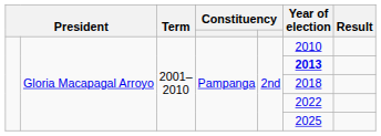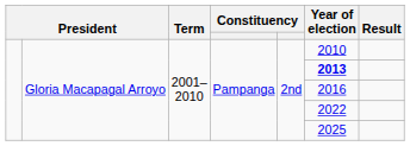 <table class="wikitable" style="margin-left: auto; margin-right: auto; text-align:center;" width=80%>
 <tr valign=bottom>
 <th colspan=2 rowspan=2>President</th>
 <th rowspan=2>Term</th>
 <th colspan=2>Constituency</th>
 <th rowspan=2>Year of election</th>
 <th rowspan=2>Result</th>
 </tr>
 <tr>
 <th></th>
 <th></th>
 </tr>
 <tr align="center">
 <td width=100px rowspan=5></td>
 <td nowrap rowspan=5><a href='#'>Gloria Macapagal Arroyo</a></td>
 <td rowspan=5>2001–2010</td>
 <td rowspan=5><a href='#'>Pampanga</a></td>
 <td rowspan=5><a href='#'>2nd</a></td>
 <td><a href='#'>2010</a></td>
 <td></td>
 </tr>
 <tr align="center">
 <td><strong><a href='#'>2013</a></strong></td>
 <td></td>
 </tr>
 <tr align="center">
-<td><a href='#'>2018</a></td>
+<td><a href='#'>2016</a></td>
 <td></td>
 </tr>
 <tr align="center">
 <td><a href='#'>2022</a></td>
 <td></td>
 </tr>
 <tr align="center">
 <td><a href='#'>2025</a></td>
 <td></td>
 </tr>
 </table>
